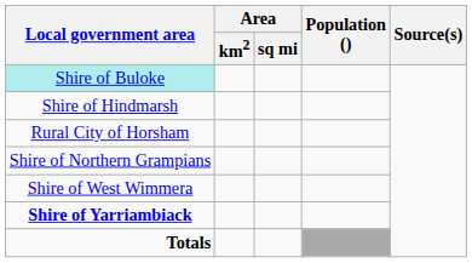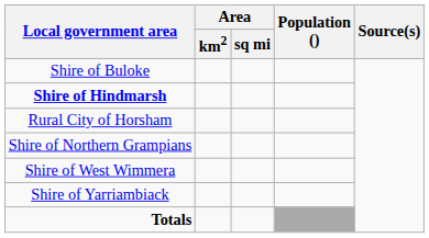 <table class="wikitable sortable plainrowheaders" style="text-align:center;">
 <tr>
 <th scope="col" rowspan="2"><a href='#'>Local government area</a></th>
 <th scope="col" colspan="2">Area</th>
 <th scope="col" rowspan="2">Population<br>()</th>
 <th scope="col" rowspan="2">Source(s)</th>
 </tr>
 <tr>
 <th scope="col">km<sup>2</sup></th>
 <th scope="col">sq mi</th>
 </tr>
 <tr>
-<td scope="row" style="background: paleturquoise;"><a href='#'>Shire of Buloke</a> </td>
+<td scope="row"><a href='#'>Shire of Buloke</a> </td>
 <td></td>
 <td align="right"></td>
 <td></td>
 </tr>
 <tr>
-<td scope="row"><a href='#'>Shire of Hindmarsh</a></td>
+<td scope="row"><strong><a href='#'>Shire of Hindmarsh</a></strong></td>
 <td></td>
 <td align="right"></td>
 <td></td>
 </tr>
 <tr>
 <td scope="row"><a href='#'>Rural City of Horsham</a></td>
 <td></td>
 <td align="right"></td>
 <td></td>
 </tr>
 <tr>
 <td scope="row"><a href='#'>Shire of Northern Grampians</a></td>
 <td></td>
 <td align="right"></td>
 <td></td>
 </tr>
 <tr>
 <td scope="row"><a href='#'>Shire of West Wimmera</a></td>
 <td></td>
 <td align="right"></td>
 <td></td>
 </tr>
 <tr>
-<td scope="row"><strong><a href='#'>Shire of Yarriambiack</a></strong></td>
+<td scope="row"><a href='#'>Shire of Yarriambiack</a></td>
 <td></td>
 <td align="right"></td>
 <td></td>
 </tr>
 <tr>
 <td scope="row" align="right"><strong>Totals</strong></td>
 <td></td>
 <td align="right"><strong></strong></td>
 <td style="background:darkgrey;"></td>
 </tr>
 </table>
